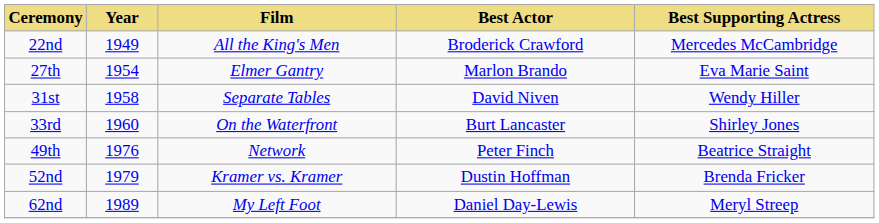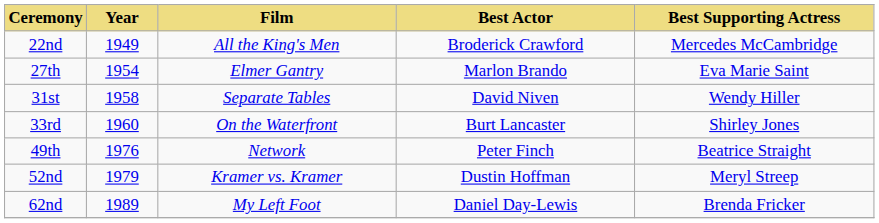 <table class="wikitable sortable" style="text-align: center">
 <tr>
 <th style="background-color:#EEDD82; width:060px;">Ceremony</th>
 <th style="background-color:#EEDD82; width:060px;">Year</th>
 <th style="background-color:#EEDD82; width:220px;">Film</th>
 <th style="background-color:#EEDD82; width:220px;">Best Actor</th>
 <th style="background-color:#EEDD82; width:220px;">Best Supporting Actress</th>
 </tr>
 <tr>
 <td><a href='#'>22nd</a></td>
 <td><a href='#'>1949</a></td>
 <td><em><a href='#'>All the King's Men</a></em></td>
 <td><a href='#'>Broderick Crawford</a></td>
 <td><a href='#'>Mercedes McCambridge</a></td>
 </tr>
 <tr>
 <td><a href='#'>27th</a></td>
 <td><a href='#'>1954</a></td>
 <td><em><a href='#'>Elmer Gantry</a></em></td>
 <td><a href='#'>Marlon Brando</a></td>
 <td><a href='#'>Eva Marie Saint</a></td>
 </tr>
 <tr>
 <td><a href='#'>31st</a></td>
 <td><a href='#'>1958</a></td>
 <td><em><a href='#'>Separate Tables</a></em></td>
 <td><a href='#'>David Niven</a></td>
 <td><a href='#'>Wendy Hiller</a></td>
 </tr>
 <tr>
 <td><a href='#'>33rd</a></td>
 <td><a href='#'>1960</a></td>
 <td><em><a href='#'>On the Waterfront</a></em></td>
 <td><a href='#'>Burt Lancaster</a></td>
 <td><a href='#'>Shirley Jones</a></td>
 </tr>
 <tr>
 <td><a href='#'>49th</a></td>
 <td><a href='#'>1976</a></td>
 <td><em><a href='#'>Network</a></em></td>
 <td><a href='#'>Peter Finch</a></td>
 <td><a href='#'>Beatrice Straight</a></td>
 </tr>
 <tr>
 <td><a href='#'>52nd</a></td>
 <td><a href='#'>1979</a></td>
 <td><em><a href='#'>Kramer vs. Kramer</a></em></td>
 <td><a href='#'>Dustin Hoffman</a></td>
-<td><a href='#'>Brenda Fricker</a></td>
+<td><a href='#'>Meryl Streep</a></td>
 </tr>
 <tr>
 <td><a href='#'>62nd</a></td>
 <td><a href='#'>1989</a></td>
 <td><em><a href='#'>My Left Foot</a></em></td>
 <td><a href='#'>Daniel Day-Lewis</a></td>
-<td><a href='#'>Meryl Streep</a></td>
+<td><a href='#'>Brenda Fricker</a></td>
 </tr>
 <tr>
 </tr>
 </table>
